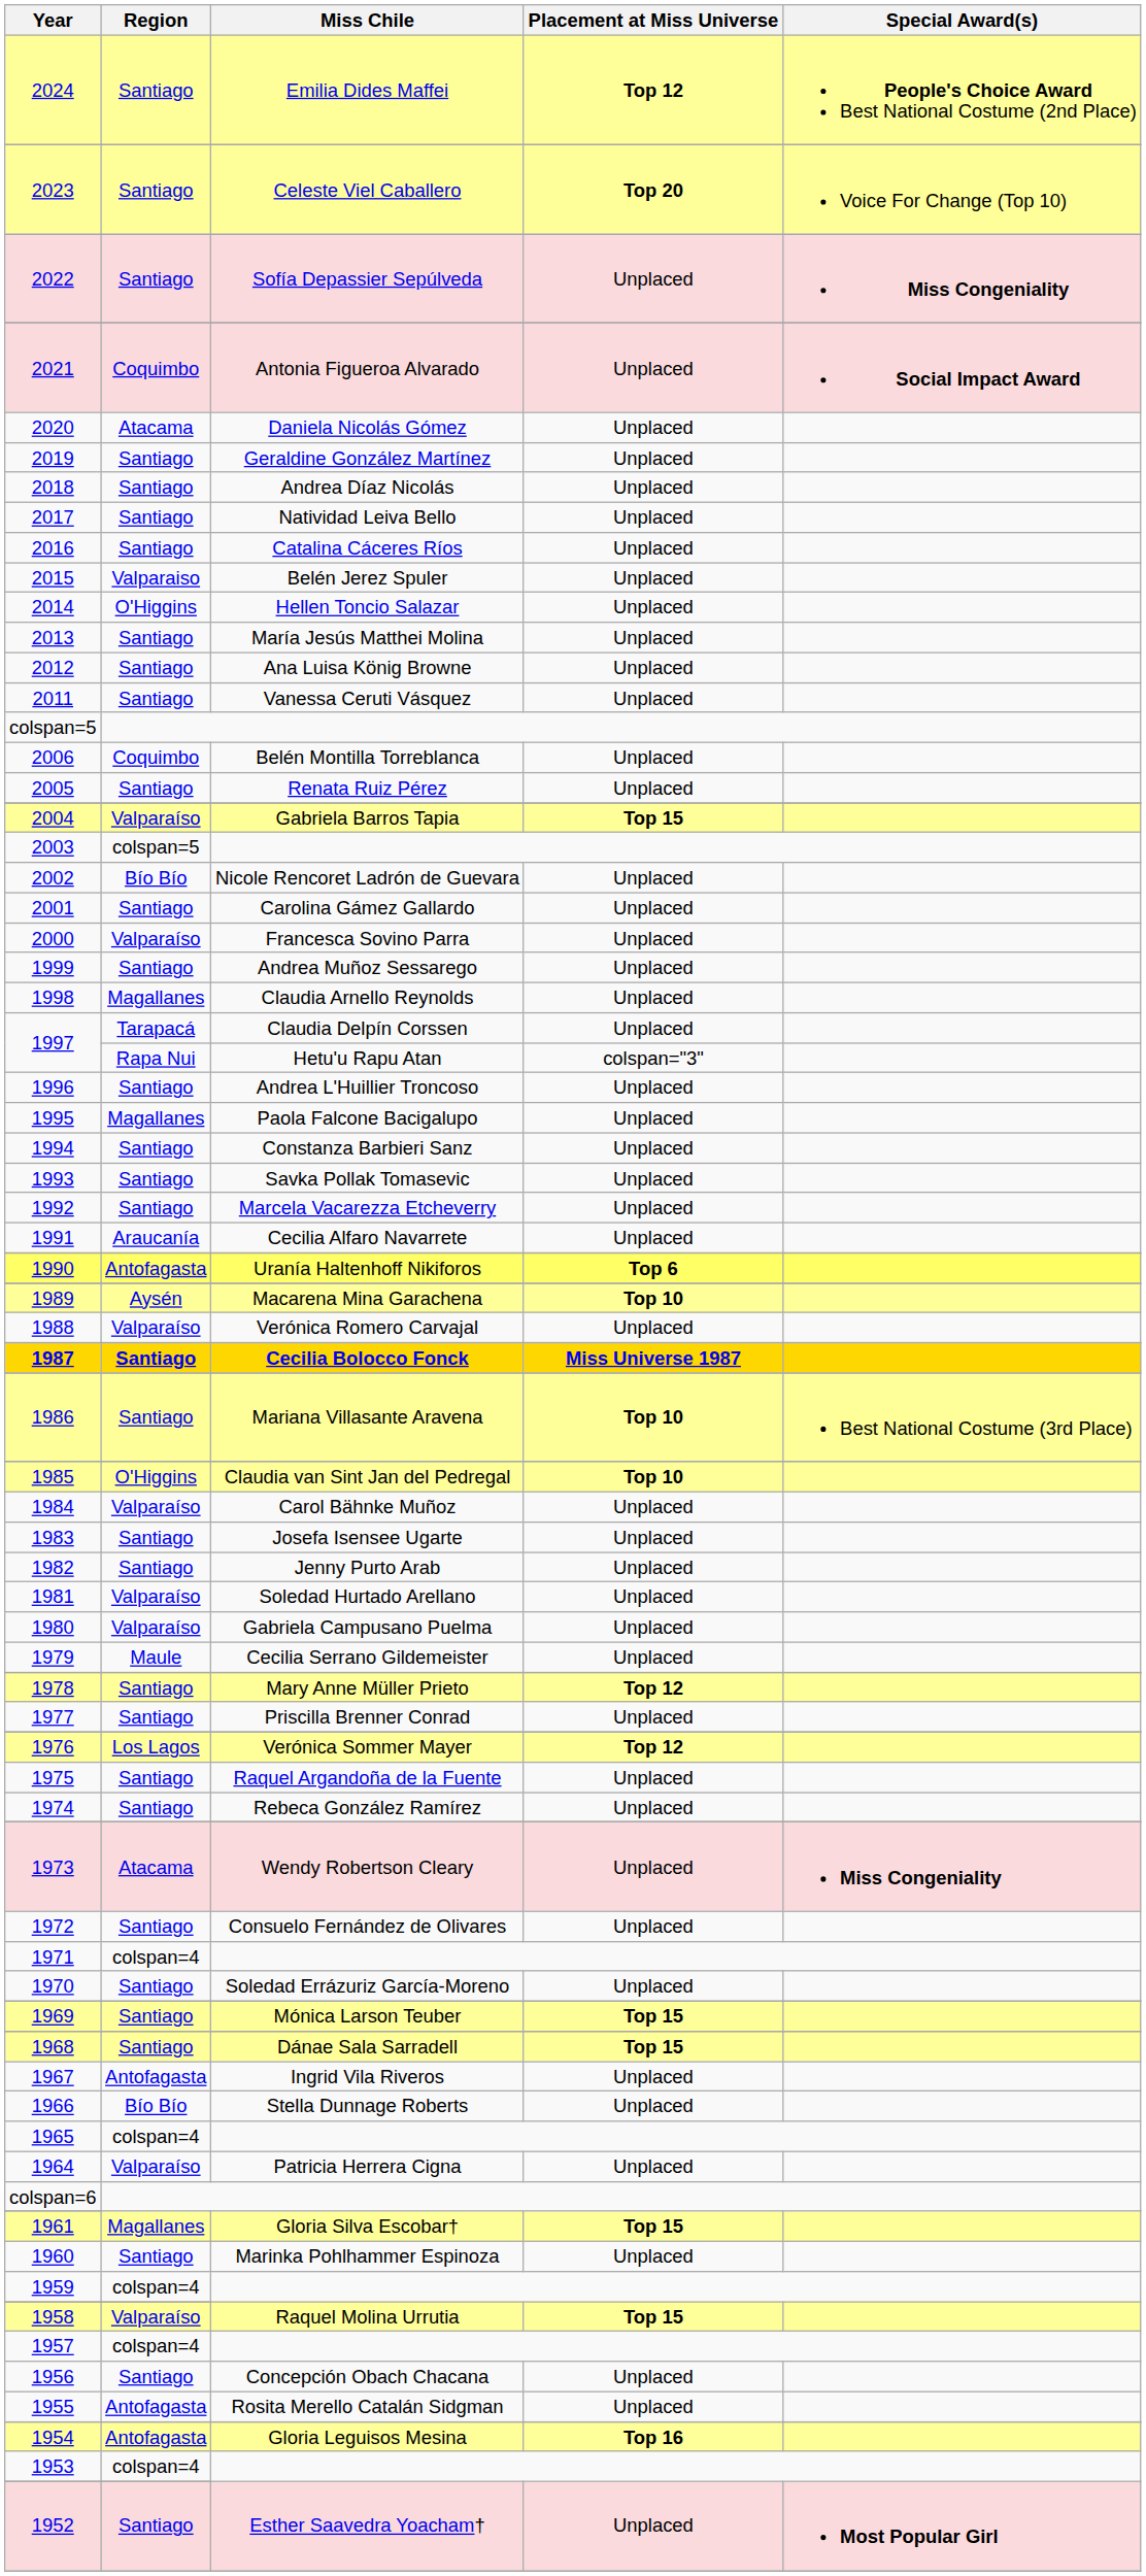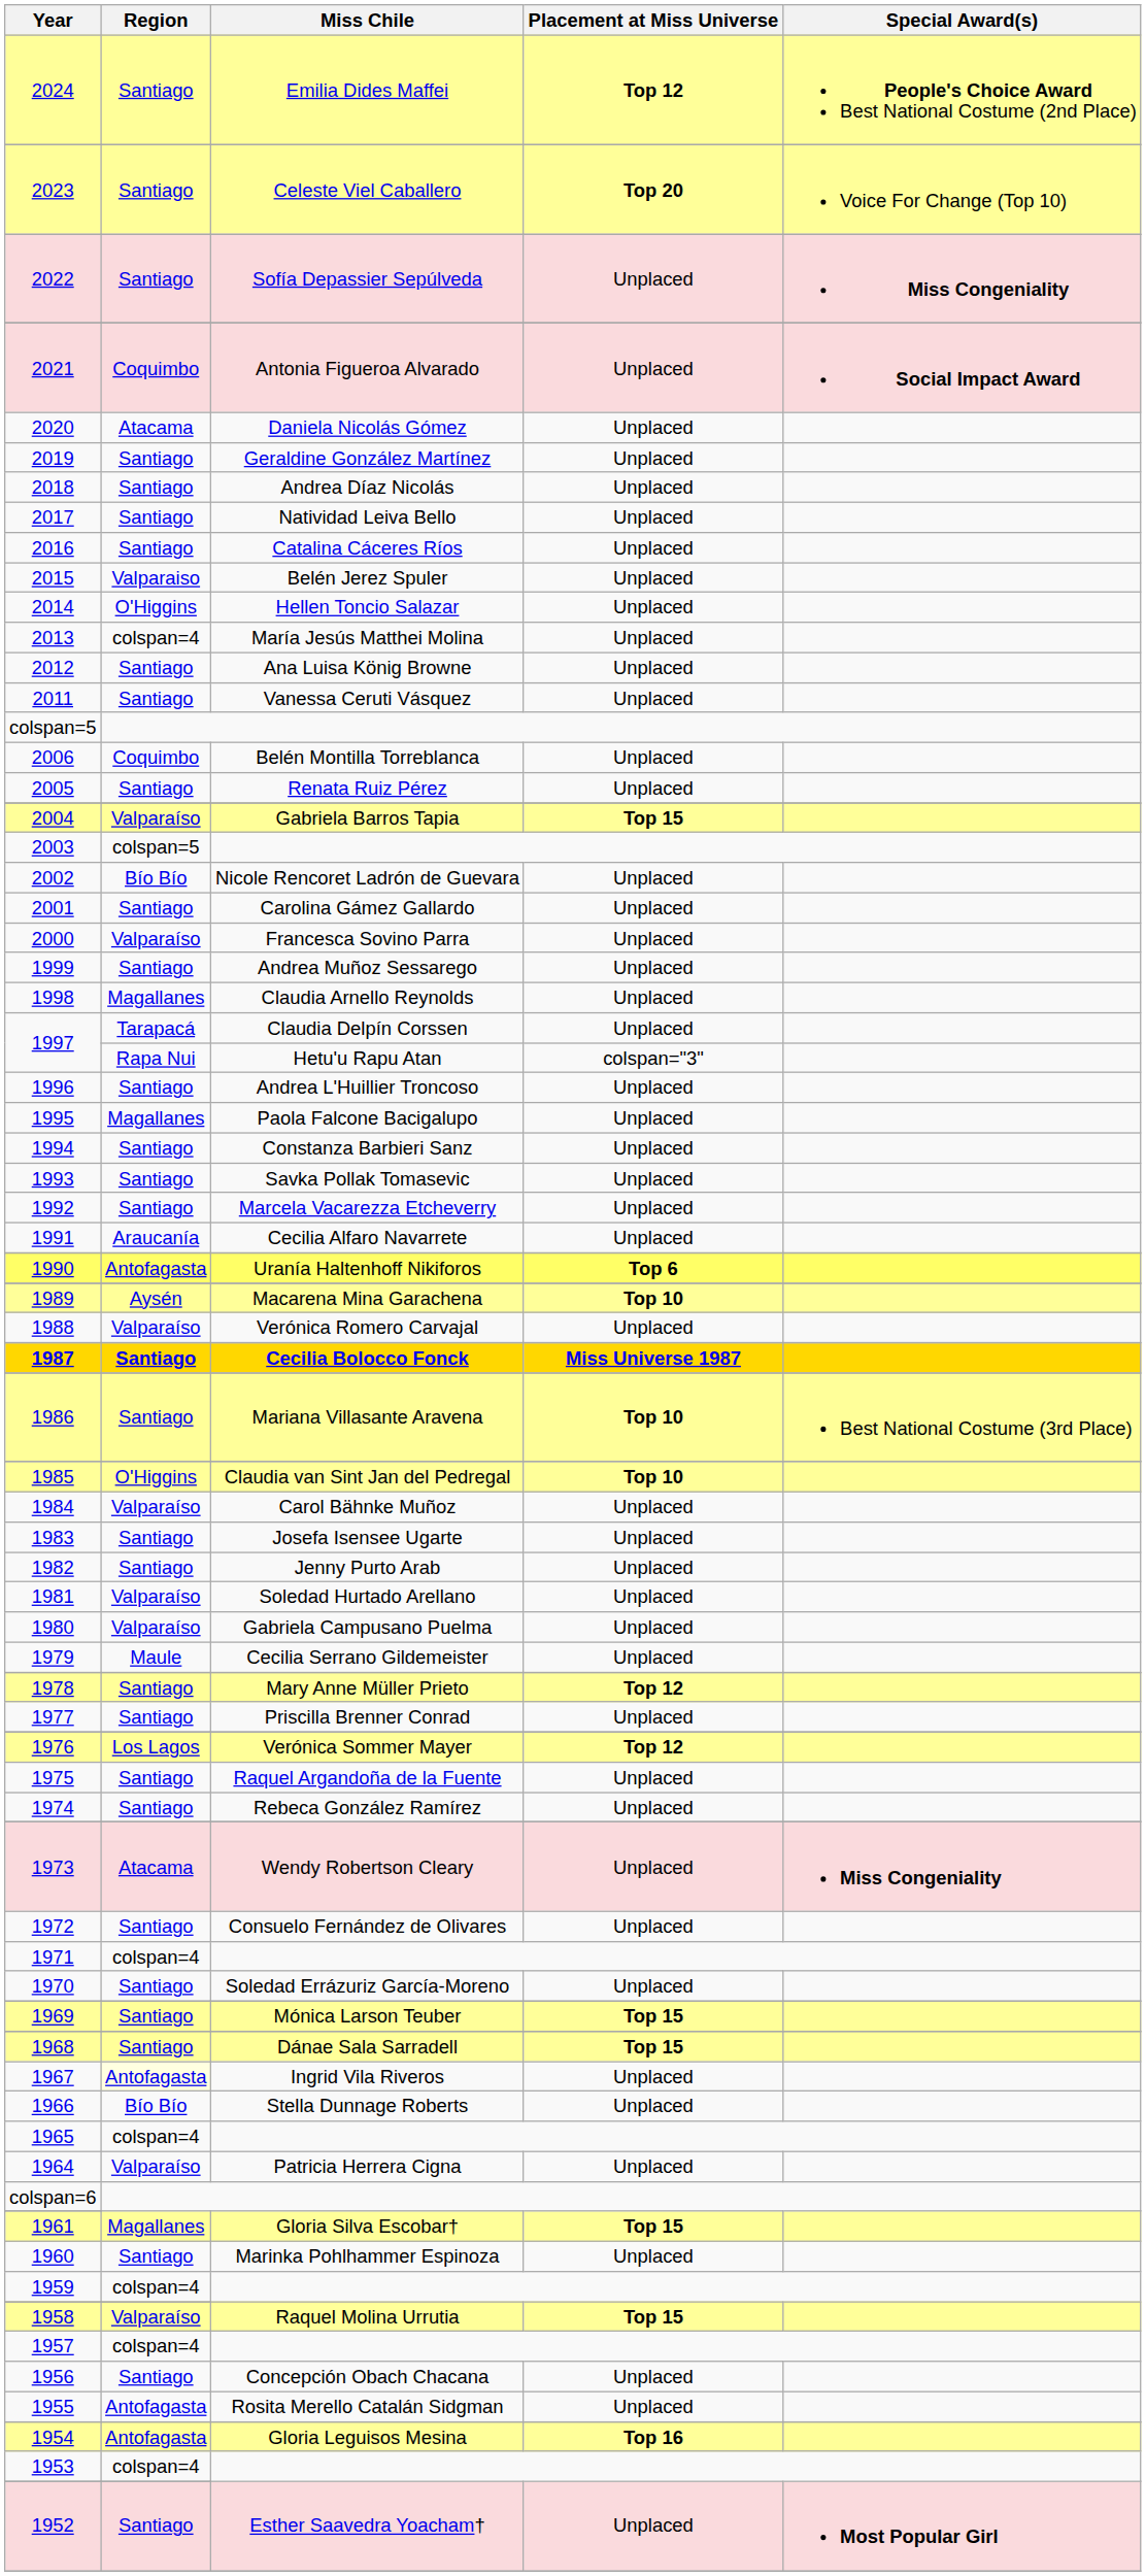 <table class="wikitable " style="font-size: 90%; text-align:center;">
 <tr>
 <th>Year</th>
 <th>Region</th>
 <th>Miss Chile</th>
 <th>Placement at Miss Universe</th>
 <th>Special Award(s)</th>
 </tr>
 <tr style="background-color:#FFFF99; ">
 <td><a href='#'>2024</a></td>
 <td><a href='#'>Santiago</a></td>
 <td><a href='#'>Emilia Dides Maffei</a></td>
 <td><strong>Top 12</strong></td>
 <td><br><ul><li><strong>People's Choice Award</strong></li><li>Best National Costume (2nd Place)</li></ul></td>
 </tr>
 <tr>
 </tr>
 <tr style="background-color:#FFFF99;">
 <td><a href='#'>2023</a></td>
 <td><a href='#'>Santiago</a></td>
 <td><a href='#'>Celeste Viel Caballero</a></td>
 <td><strong>Top 20</strong></td>
 <td align="left"><br><ul><li>Voice For Change (Top 10)</li></ul></td>
 </tr>
 <tr>
 </tr>
 <tr style="background-color:#FADADD;">
 <td><a href='#'>2022</a></td>
 <td><a href='#'>Santiago</a></td>
 <td><a href='#'>Sofía Depassier Sepúlveda</a></td>
 <td>Unplaced</td>
 <td><br><ul><li><strong>Miss Congeniality</strong></li></ul></td>
 </tr>
 <tr>
 </tr>
 <tr style="background-color:#FADADD;">
 <td><a href='#'>2021</a></td>
 <td><a href='#'>Coquimbo</a></td>
 <td>Antonia Figueroa Alvarado</td>
 <td>Unplaced</td>
 <td><br><ul><li><strong>Social Impact Award</strong></li></ul></td>
 </tr>
 <tr>
 <td><a href='#'>2020</a></td>
 <td><a href='#'>Atacama</a></td>
 <td><a href='#'>Daniela Nicolás Gómez</a></td>
 <td>Unplaced</td>
 <td></td>
 </tr>
 <tr>
 <td><a href='#'>2019</a></td>
 <td><a href='#'>Santiago</a></td>
 <td><a href='#'>Geraldine González Martínez</a></td>
 <td>Unplaced</td>
 <td></td>
 </tr>
 <tr>
 <td><a href='#'>2018</a></td>
 <td><a href='#'>Santiago</a></td>
 <td>Andrea Díaz Nicolás</td>
 <td>Unplaced</td>
 <td></td>
 </tr>
 <tr>
 <td><a href='#'>2017</a></td>
 <td><a href='#'>Santiago</a></td>
 <td>Natividad Leiva Bello</td>
 <td>Unplaced</td>
 <td></td>
 </tr>
 <tr>
 <td><a href='#'>2016</a></td>
 <td><a href='#'>Santiago</a></td>
 <td><a href='#'>Catalina Cáceres Ríos</a></td>
 <td>Unplaced</td>
 <td></td>
 </tr>
 <tr>
 <td><a href='#'>2015</a></td>
 <td><a href='#'>Valparaiso</a></td>
 <td>Belén Jerez Spuler</td>
 <td>Unplaced</td>
 <td></td>
 </tr>
 <tr>
 <td><a href='#'>2014</a></td>
 <td><a href='#'>O'Higgins</a></td>
 <td><a href='#'>Hellen Toncio Salazar</a></td>
 <td>Unplaced</td>
 <td></td>
 </tr>
 <tr>
 <td><a href='#'>2013</a></td>
-<td><a href='#'>Santiago</a></td>
+<td>colspan=4 </td>
 <td>María Jesús Matthei Molina</td>
 <td>Unplaced</td>
 <td></td>
 </tr>
 <tr>
 <td><a href='#'>2012</a></td>
 <td><a href='#'>Santiago</a></td>
 <td>Ana Luisa König Browne</td>
 <td>Unplaced</td>
 <td></td>
 </tr>
 <tr>
 <td><a href='#'>2011</a></td>
 <td><a href='#'>Santiago</a></td>
 <td>Vanessa Ceruti Vásquez</td>
 <td>Unplaced</td>
 <td></td>
 </tr>
 <tr>
 <td>colspan=5 </td>
 </tr>
 <tr>
 <td><a href='#'>2006</a></td>
 <td><a href='#'>Coquimbo</a></td>
 <td>Belén Montilla Torreblanca</td>
 <td>Unplaced</td>
 <td></td>
 </tr>
 <tr>
 <td><a href='#'>2005</a></td>
 <td><a href='#'>Santiago</a></td>
 <td><a href='#'>Renata Ruiz Pérez</a></td>
 <td>Unplaced</td>
 <td></td>
 </tr>
 <tr>
 </tr>
 <tr style="background-color:#FFFF99;">
 <td><a href='#'>2004</a></td>
 <td><a href='#'>Valparaíso</a></td>
 <td>Gabriela Barros Tapia</td>
 <td><strong>Top 15</strong></td>
 <td></td>
 </tr>
 <tr>
 <td><a href='#'>2003</a></td>
 <td>colspan=5 </td>
 </tr>
 <tr>
 <td><a href='#'>2002</a></td>
 <td><a href='#'>Bío Bío</a></td>
 <td>Nicole Rencoret Ladrón de Guevara</td>
 <td>Unplaced</td>
 <td></td>
 </tr>
 <tr>
 <td><a href='#'>2001</a></td>
 <td><a href='#'>Santiago</a></td>
 <td>Carolina Gámez Gallardo</td>
 <td>Unplaced</td>
 <td></td>
 </tr>
 <tr>
 <td><a href='#'>2000</a></td>
 <td><a href='#'>Valparaíso</a></td>
 <td>Francesca Sovino Parra</td>
 <td>Unplaced</td>
 <td></td>
 </tr>
 <tr>
 <td><a href='#'>1999</a></td>
 <td><a href='#'>Santiago</a></td>
 <td>Andrea Muñoz Sessarego</td>
 <td>Unplaced</td>
 <td></td>
 </tr>
 <tr>
 <td><a href='#'>1998</a></td>
 <td><a href='#'>Magallanes</a></td>
 <td>Claudia Arnello Reynolds</td>
 <td>Unplaced</td>
 <td></td>
 </tr>
 <tr>
 <td rowspan="2"><a href='#'>1997</a></td>
 <td><a href='#'>Tarapacá</a></td>
 <td>Claudia Delpín Corssen</td>
 <td>Unplaced</td>
 <td></td>
 </tr>
 <tr>
 <td><a href='#'>Rapa Nui</a></td>
 <td>Hetu'u Rapu Atan</td>
 <td>colspan="3" </td>
 </tr>
 <tr>
 <td><a href='#'>1996</a></td>
 <td><a href='#'>Santiago</a></td>
 <td>Andrea L'Huillier Troncoso</td>
 <td>Unplaced</td>
 <td></td>
 </tr>
 <tr>
 <td><a href='#'>1995</a></td>
 <td><a href='#'>Magallanes</a></td>
 <td>Paola Falcone Bacigalupo</td>
 <td>Unplaced</td>
 <td></td>
 </tr>
 <tr>
 <td><a href='#'>1994</a></td>
 <td><a href='#'>Santiago</a></td>
 <td>Constanza Barbieri Sanz</td>
 <td>Unplaced</td>
 <td></td>
 </tr>
 <tr>
 <td><a href='#'>1993</a></td>
 <td><a href='#'>Santiago</a></td>
 <td>Savka Pollak Tomasevic</td>
 <td>Unplaced</td>
 <td></td>
 </tr>
 <tr>
 <td><a href='#'>1992</a></td>
 <td><a href='#'>Santiago</a></td>
 <td><a href='#'>Marcela Vacarezza Etcheverry</a></td>
 <td>Unplaced</td>
 <td></td>
 </tr>
 <tr>
 <td><a href='#'>1991</a></td>
 <td><a href='#'>Araucanía</a></td>
 <td>Cecilia Alfaro Navarrete</td>
 <td>Unplaced</td>
 <td></td>
 </tr>
 <tr>
 </tr>
 <tr style="background-color:#FFFF66;">
 <td><a href='#'>1990</a></td>
 <td><a href='#'>Antofagasta</a></td>
 <td>Uranía Haltenhoff Nikiforos</td>
 <td><strong>Top 6</strong></td>
 <td></td>
 </tr>
 <tr>
 </tr>
 <tr style="background-color:#FFFF99;">
 <td><a href='#'>1989</a></td>
 <td><a href='#'>Aysén</a></td>
 <td>Macarena Mina Garachena</td>
 <td><strong>Top 10</strong></td>
 <td></td>
 </tr>
 <tr>
 <td><a href='#'>1988</a></td>
 <td><a href='#'>Valparaíso</a></td>
 <td>Verónica Romero Carvajal</td>
 <td>Unplaced</td>
 <td></td>
 </tr>
 <tr>
 </tr>
 <tr style="background-color:gold; font-weight: bold">
 <td><a href='#'>1987</a></td>
 <td><a href='#'>Santiago</a></td>
 <td><a href='#'>Cecilia Bolocco Fonck</a></td>
 <td><a href='#'>Miss Universe 1987</a></td>
 <td></td>
 </tr>
 <tr>
 </tr>
 <tr style="background-color:#FFFF99;">
 <td><a href='#'>1986</a></td>
 <td><a href='#'>Santiago</a></td>
 <td>Mariana Villasante Aravena</td>
 <td><strong>Top 10</strong></td>
 <td align="left"><br><ul><li>Best National Costume (3rd Place)</li></ul></td>
 </tr>
 <tr>
 </tr>
 <tr style="background-color:#FFFF99;">
 <td><a href='#'>1985</a></td>
 <td><a href='#'>O'Higgins</a></td>
 <td>Claudia van Sint Jan del Pedregal</td>
 <td><strong>Top 10</strong></td>
 <td></td>
 </tr>
 <tr>
 <td><a href='#'>1984</a></td>
 <td><a href='#'>Valparaíso</a></td>
 <td>Carol Bähnke Muñoz</td>
 <td>Unplaced</td>
 <td></td>
 </tr>
 <tr>
 <td><a href='#'>1983</a></td>
 <td><a href='#'>Santiago</a></td>
 <td>Josefa Isensee Ugarte</td>
 <td>Unplaced</td>
 <td></td>
 </tr>
 <tr>
 <td><a href='#'>1982</a></td>
 <td><a href='#'>Santiago</a></td>
 <td>Jenny Purto Arab</td>
 <td>Unplaced</td>
 <td></td>
 </tr>
 <tr>
 <td><a href='#'>1981</a></td>
 <td><a href='#'>Valparaíso</a></td>
 <td>Soledad Hurtado Arellano</td>
 <td>Unplaced</td>
 <td></td>
 </tr>
 <tr>
 <td><a href='#'>1980</a></td>
 <td><a href='#'>Valparaíso</a></td>
 <td>Gabriela Campusano Puelma</td>
 <td>Unplaced</td>
 <td></td>
 </tr>
 <tr>
 <td><a href='#'>1979</a></td>
 <td><a href='#'>Maule</a></td>
 <td>Cecilia Serrano Gildemeister</td>
 <td>Unplaced</td>
 <td></td>
 </tr>
 <tr>
 </tr>
 <tr style="background-color:#FFFF99; ">
 <td><a href='#'>1978</a></td>
 <td><a href='#'>Santiago</a></td>
 <td>Mary Anne Müller Prieto</td>
 <td><strong>Top 12</strong></td>
 <td></td>
 </tr>
 <tr>
 <td><a href='#'>1977</a></td>
 <td><a href='#'>Santiago</a></td>
 <td>Priscilla Brenner Conrad</td>
 <td>Unplaced</td>
 <td></td>
 </tr>
 <tr>
 </tr>
 <tr style="background-color:#FFFF99; ">
 <td><a href='#'>1976</a></td>
 <td><a href='#'>Los Lagos</a></td>
 <td>Verónica Sommer Mayer</td>
 <td><strong>Top 12</strong></td>
 <td></td>
 </tr>
 <tr>
 <td><a href='#'>1975</a></td>
 <td><a href='#'>Santiago</a></td>
 <td><a href='#'>Raquel Argandoña de la Fuente</a></td>
 <td>Unplaced</td>
 <td></td>
 </tr>
 <tr>
 <td><a href='#'>1974</a></td>
 <td><a href='#'>Santiago</a></td>
 <td>Rebeca González Ramírez</td>
 <td>Unplaced</td>
 <td></td>
 </tr>
 <tr>
 </tr>
 <tr style="background-color:#FADADD; ">
 <td><a href='#'>1973</a></td>
 <td><a href='#'>Atacama</a></td>
 <td>Wendy Robertson Cleary</td>
 <td>Unplaced</td>
 <td align="left"><br><ul><li><strong>Miss Congeniality</strong></li></ul></td>
 </tr>
 <tr>
 <td><a href='#'>1972</a></td>
 <td><a href='#'>Santiago</a></td>
 <td>Consuelo Fernández de Olivares</td>
 <td>Unplaced</td>
 <td></td>
 </tr>
 <tr>
 <td><a href='#'>1971</a></td>
 <td>colspan=4 </td>
 </tr>
 <tr>
 <td><a href='#'>1970</a></td>
 <td><a href='#'>Santiago</a></td>
 <td>Soledad Errázuriz García-Moreno</td>
 <td>Unplaced</td>
 <td></td>
 </tr>
 <tr>
 </tr>
 <tr style="background-color:#FFFF99; ">
 <td><a href='#'>1969</a></td>
 <td><a href='#'>Santiago</a></td>
 <td>Mónica Larson Teuber</td>
 <td><strong>Top 15</strong></td>
 <td></td>
 </tr>
 <tr>
 </tr>
 <tr style="background-color:#FFFF99; ">
 <td><a href='#'>1968</a></td>
 <td><a href='#'>Santiago</a></td>
 <td>Dánae Sala Sarradell</td>
 <td><strong>Top 15</strong></td>
 <td></td>
 </tr>
 <tr>
 <td><a href='#'>1967</a></td>
-<td><a href='#'>Antofagasta</a></td>
+<td style="background: lightyellow;"><a href='#'>Antofagasta</a></td>
 <td>Ingrid Vila Riveros</td>
 <td>Unplaced</td>
 <td></td>
 </tr>
 <tr>
 <td><a href='#'>1966</a></td>
 <td><a href='#'>Bío Bío</a></td>
 <td>Stella Dunnage Roberts</td>
 <td>Unplaced</td>
 <td></td>
 </tr>
 <tr>
 <td><a href='#'>1965</a></td>
 <td>colspan=4 </td>
 </tr>
 <tr>
 <td><a href='#'>1964</a></td>
 <td><a href='#'>Valparaíso</a></td>
 <td>Patricia Herrera Cigna</td>
 <td>Unplaced</td>
 <td></td>
 </tr>
 <tr>
 <td>colspan=6 </td>
 </tr>
 <tr>
 </tr>
 <tr style="background-color:#FFFF99; ">
 <td><a href='#'>1961</a></td>
 <td><a href='#'>Magallanes</a></td>
 <td>Gloria Silva Escobar†</td>
 <td><strong>Top 15</strong></td>
 <td></td>
 </tr>
 <tr>
 <td><a href='#'>1960</a></td>
 <td><a href='#'>Santiago</a></td>
 <td>Marinka Pohlhammer Espinoza</td>
 <td>Unplaced</td>
 <td></td>
 </tr>
 <tr>
 <td><a href='#'>1959</a></td>
 <td>colspan=4 </td>
 </tr>
 <tr>
 </tr>
 <tr style="background-color:#FFFF99; ">
 <td><a href='#'>1958</a></td>
 <td><a href='#'>Valparaíso</a></td>
 <td>Raquel Molina Urrutia</td>
 <td><strong>Top 15</strong></td>
 <td></td>
 </tr>
 <tr>
 <td><a href='#'>1957</a></td>
 <td>colspan=4 </td>
 </tr>
 <tr>
 <td><a href='#'>1956</a></td>
 <td><a href='#'>Santiago</a></td>
 <td>Concepción Obach Chacana</td>
 <td>Unplaced</td>
 <td></td>
 </tr>
 <tr>
 <td><a href='#'>1955</a></td>
 <td><a href='#'>Antofagasta</a></td>
 <td>Rosita Merello Catalán Sidgman</td>
 <td>Unplaced</td>
 <td></td>
 </tr>
 <tr>
 </tr>
 <tr style="background-color:#FFFF99; ">
 <td><a href='#'>1954</a></td>
 <td><a href='#'>Antofagasta</a></td>
 <td>Gloria Leguisos Mesina</td>
 <td><strong>Top 16</strong></td>
 <td></td>
 </tr>
 <tr>
 <td><a href='#'>1953</a></td>
 <td>colspan=4 </td>
 </tr>
 <tr>
 </tr>
 <tr style="background-color:#FADADD; ">
 <td><a href='#'>1952</a></td>
 <td><a href='#'>Santiago</a></td>
 <td><a href='#'>Esther Saavedra Yoacham</a>†</td>
 <td>Unplaced</td>
 <td align="left"><br><ul><li><strong>Most Popular Girl</strong></li></ul></td>
 </tr>
 <tr>
 </tr>
 </table>
